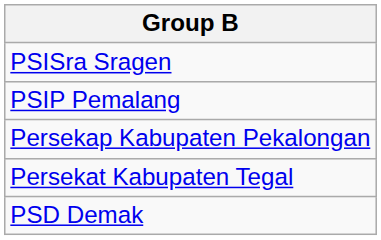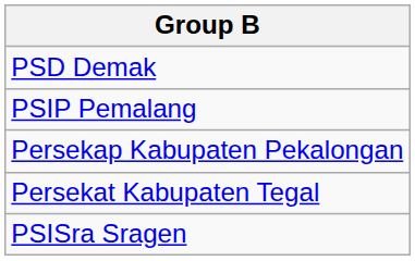 <table class="wikitable">
 <tr>
 <th>Group B</th>
 </tr>
 <tr>
-<td><a href='#'>PSISra Sragen</a></td>
+<td><a href='#'>PSD Demak</a></td>
 </tr>
 <tr>
 <td><a href='#'>PSIP Pemalang</a></td>
 </tr>
 <tr>
 <td><a href='#'>Persekap Kabupaten Pekalongan</a></td>
 </tr>
 <tr>
 <td><a href='#'>Persekat Kabupaten Tegal</a></td>
 </tr>
 <tr>
-<td><a href='#'>PSD Demak</a></td>
+<td><a href='#'>PSISra Sragen</a></td>
 </tr>
 </table>
